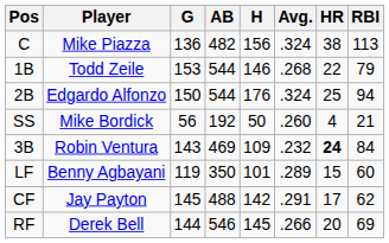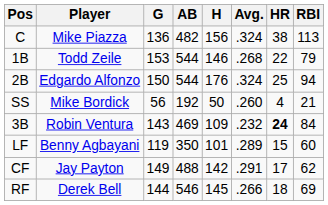 <table class="wikitable sortable">
 <tr>
 <th>Pos</th>
 <th>Player</th>
 <th>G</th>
 <th>AB</th>
 <th>H</th>
 <th>Avg.</th>
 <th>HR</th>
 <th>RBI</th>
 </tr>
 <tr align="center">
 <td>C</td>
 <td><a href='#'>Mike Piazza</a></td>
 <td>136</td>
 <td>482</td>
 <td>156</td>
 <td>.324</td>
 <td>38</td>
 <td>113</td>
 </tr>
 <tr align="center">
 <td>1B</td>
 <td><a href='#'>Todd Zeile</a></td>
 <td>153</td>
 <td>544</td>
 <td>146</td>
 <td>.268</td>
 <td>22</td>
 <td>79</td>
 </tr>
 <tr align="center">
 <td>2B</td>
 <td><a href='#'>Edgardo Alfonzo</a></td>
 <td>150</td>
 <td>544</td>
 <td>176</td>
 <td>.324</td>
 <td>25</td>
 <td>94</td>
 </tr>
 <tr align="center">
 <td>SS</td>
 <td><a href='#'>Mike Bordick</a></td>
 <td>56</td>
 <td>192</td>
 <td>50</td>
 <td>.260</td>
 <td>4</td>
 <td>21</td>
 </tr>
 <tr align="center">
 <td>3B</td>
 <td><a href='#'>Robin Ventura</a></td>
 <td>143</td>
 <td>469</td>
 <td>109</td>
 <td>.232</td>
 <td><strong>24</strong></td>
 <td>84</td>
 </tr>
 <tr align="center">
 <td>LF</td>
 <td><a href='#'>Benny Agbayani</a></td>
 <td>119</td>
 <td>350</td>
 <td>101</td>
 <td>.289</td>
 <td>15</td>
 <td>60</td>
 </tr>
 <tr align="center">
 <td>CF</td>
 <td><a href='#'>Jay Payton</a></td>
-<td>145</td>
+<td>149</td>
 <td>488</td>
 <td>142</td>
 <td>.291</td>
 <td>17</td>
 <td>62</td>
 </tr>
 <tr align="center">
 <td>RF</td>
 <td><a href='#'>Derek Bell</a></td>
 <td>144</td>
 <td>546</td>
 <td>145</td>
 <td>.266</td>
-<td>20</td>
+<td>18</td>
 <td>69</td>
 </tr>
 </table>
